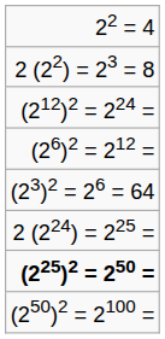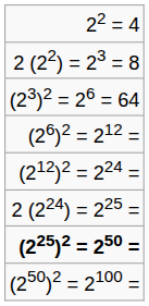 <table class="wikitable sortable static-row-numbers" style="text-align:right;">
 <tr>
 <td>2<sup>2</sup> = 4</td>
 </tr>
 <tr>
 <td>2 (2<sup>2</sup>) = 2<sup>3</sup> = 8</td>
 </tr>
 <tr>
-<td>(2<sup>12</sup>)<sup>2</sup> = 2<sup>24</sup> = </td>
+<td>(2<sup>3</sup>)<sup>2</sup> = 2<sup>6</sup> = 64</td>
 </tr>
 <tr>
 <td>(2<sup>6</sup>)<sup>2</sup> = 2<sup>12</sup> = </td>
 </tr>
 <tr>
-<td>(2<sup>3</sup>)<sup>2</sup> = 2<sup>6</sup> = 64</td>
+<td>(2<sup>12</sup>)<sup>2</sup> = 2<sup>24</sup> = </td>
 </tr>
 <tr>
 <td>2 (2<sup>24</sup>) = 2<sup>25</sup> = </td>
 </tr>
 <tr>
 <td><strong>(2<sup>25</sup>)<sup>2</sup> = 2<sup>50</sup> = </strong></td>
 </tr>
 <tr>
 <td>(2<sup>50</sup>)<sup>2</sup> = 2<sup>100</sup> = </td>
 </tr>
 </table>
